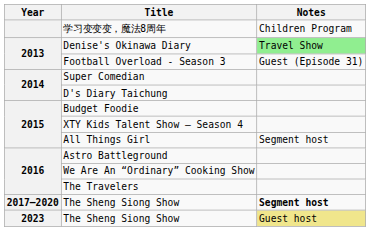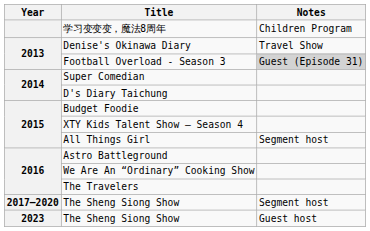 <table class="wikitable sortable plainrowheaders">
 <tr>
 <th scope="col">Year</th>
 <th scope="col">Title</th>
 <th scope="col" class="unsortable">Notes</th>
 </tr>
 <tr>
 <th></th>
 <td>学习变变变，魔法8周年</td>
 <td>Children Program</td>
 </tr>
 <tr>
 <th rowspan="2" scope="row">2013</th>
 <td>Denise's Okinawa Diary</td>
-<td style="background: lightgreen;">Travel Show</td>
+<td>Travel Show</td>
 </tr>
 <tr>
 <td>Football Overload - Season 3</td>
-<td>Guest (Episode 31)</td>
+<td style="background: lightgrey;">Guest (Episode 31)</td>
 </tr>
 <tr>
 <th rowspan="2" scope="row">2014</th>
 <td>Super Comedian</td>
 <td></td>
 </tr>
 <tr>
 <td>D's Diary Taichung</td>
 <td></td>
 </tr>
 <tr>
 <th rowspan="3" scope="row">2015</th>
 <td>Budget Foodie</td>
 <td></td>
 </tr>
 <tr>
 <td>XTY Kids Talent Show – Season 4</td>
 <td></td>
 </tr>
 <tr>
 <td>All Things Girl</td>
 <td>Segment host</td>
 </tr>
 <tr>
 <th rowspan="3" scope="row">2016</th>
 <td>Astro Battleground</td>
 <td></td>
 </tr>
 <tr>
 <td>We Are An “Ordinary” Cooking Show</td>
 <td></td>
 </tr>
 <tr>
 <td>The Travelers</td>
 <td></td>
 </tr>
 <tr>
 <th rowspan="1" scope="row">2017–2020</th>
 <td>The Sheng Siong Show</td>
-<td><strong>Segment host</strong></td>
+<td>Segment host</td>
 </tr>
 <tr>
 <th scope="row">2023</th>
 <td>The Sheng Siong Show</td>
-<td style="background: khaki;">Guest host</td>
+<td>Guest host</td>
 </tr>
 </table>
